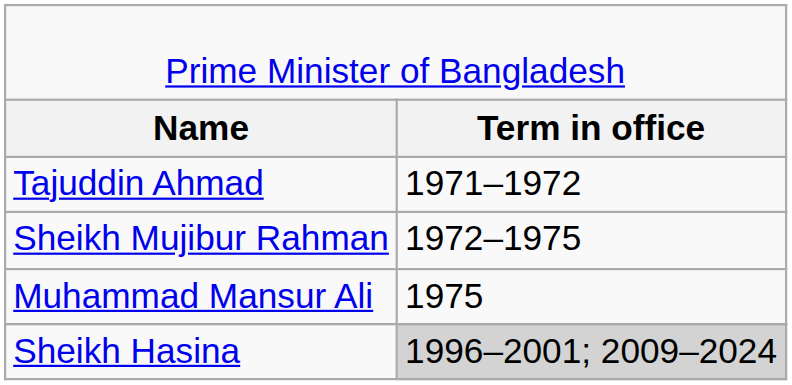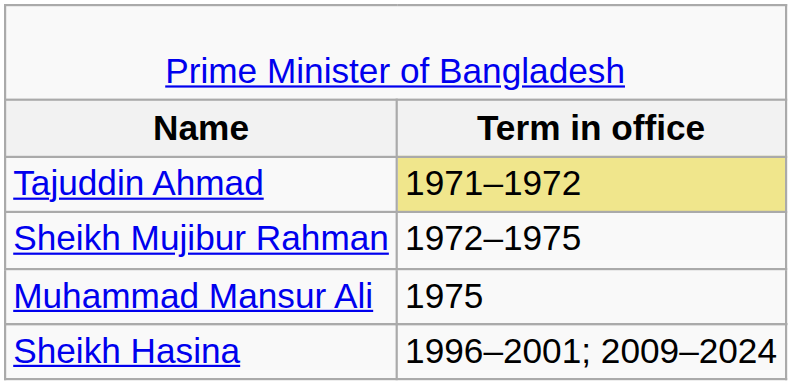 <table class="wikitable">
 <tr>
 <td style="text-align: center; background:#white;" colspan="4"> <br> <a href='#'>Prime Minister of Bangladesh</a></td>
 </tr>
 <tr>
 <th>Name</th>
 <th>Term in office</th>
 </tr>
 <tr>
 <td><a href='#'>Tajuddin Ahmad</a></td>
-<td>1971–1972</td>
+<td style="background: khaki;">1971–1972</td>
 </tr>
 <tr>
 <td><a href='#'>Sheikh Mujibur Rahman</a></td>
 <td>1972–1975</td>
 </tr>
 <tr>
 <td><a href='#'>Muhammad Mansur Ali</a></td>
 <td>1975</td>
 </tr>
 <tr>
 </tr>
 <tr>
 <td><a href='#'>Sheikh Hasina</a></td>
-<td style="background: lightgrey;">1996–2001; 2009–2024</td>
+<td>1996–2001; 2009–2024</td>
 </tr>
 </table>
